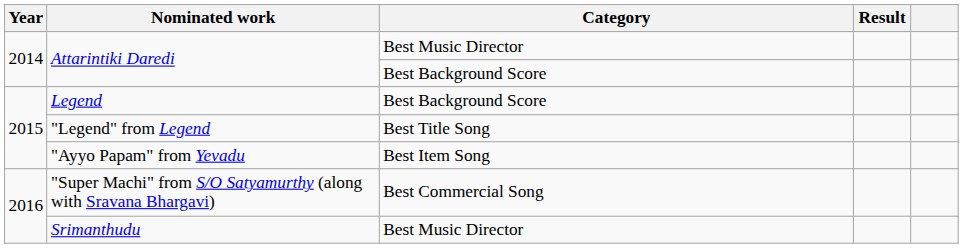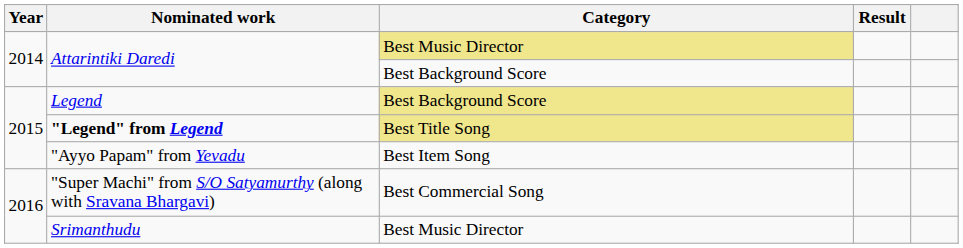 <table class="wikitable" style="width:100%;">
 <tr>
 <th scope="col" style="width:4%;">Year</th>
 <th scope="col" style="width:35%;">Nominated work</th>
 <th scope="col" style="width:50%;">Category</th>
 <th scope="col" style="width:6%;">Result</th>
 <th scope="col" style="width:5%;"></th>
 </tr>
 <tr>
 <td rowspan="2">2014</td>
 <td rowspan="2"><em><a href='#'>Attarintiki Daredi</a></em></td>
-<td>Best Music Director</td>
+<td style="background: khaki;">Best Music Director</td>
 <td></td>
 <td></td>
 </tr>
 <tr>
 <td>Best Background Score</td>
 <td></td>
 <td></td>
 </tr>
 <tr>
 <td rowspan="3">2015</td>
 <td><em><a href='#'>Legend</a></em></td>
-<td>Best Background Score</td>
+<td style="background: khaki;">Best Background Score</td>
 <td></td>
 <td></td>
 </tr>
 <tr>
-<td>"Legend" from <em><a href='#'>Legend</a></em></td>
-<td>Best Title Song</td>
+<td><strong>"Legend" from <em><a href='#'>Legend</a></em></strong></td>
+<td style="background: khaki;">Best Title Song</td>
 <td></td>
 <td></td>
 </tr>
 <tr>
 <td>"Ayyo Papam" from <em><a href='#'>Yevadu</a></em></td>
 <td>Best Item Song</td>
 <td></td>
 <td></td>
 </tr>
 <tr>
 <td rowspan="2">2016</td>
 <td>"Super Machi" from <em><a href='#'>S/O Satyamurthy</a></em> (along with <a href='#'>Sravana Bhargavi</a>)</td>
 <td>Best Commercial Song</td>
 <td></td>
 <td></td>
 </tr>
 <tr>
 <td><em><a href='#'>Srimanthudu</a></em></td>
 <td>Best Music Director</td>
 <td></td>
 <td></td>
 </tr>
 </table>
